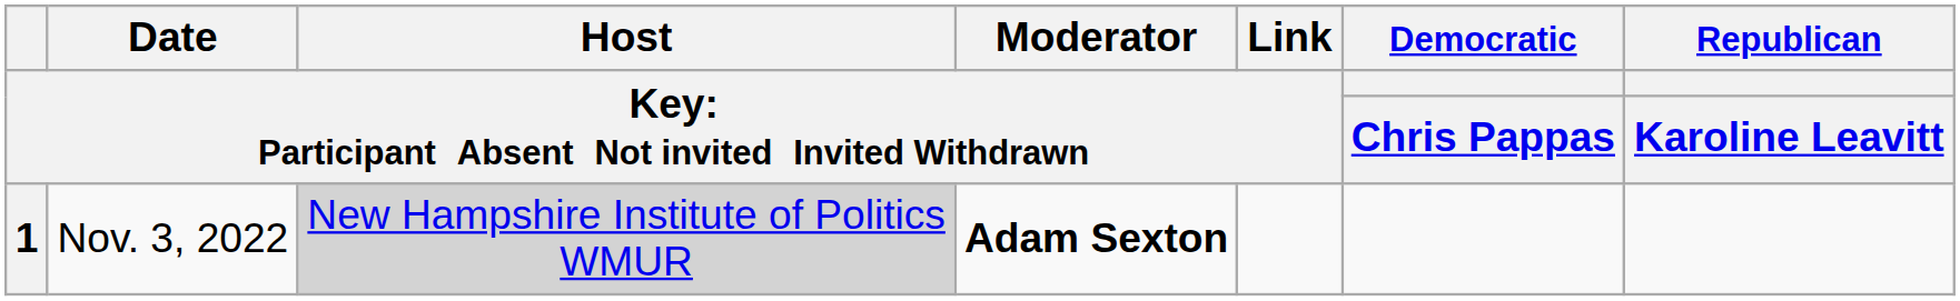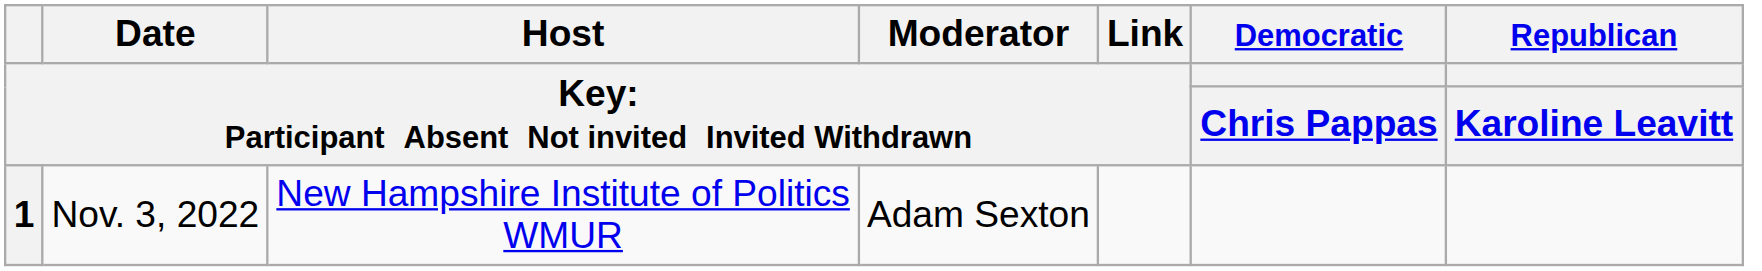 <table class="wikitable" style="text-align:center;">
 <tr>
 <th scope="col"></th>
 <th scope="col">Date</th>
 <th scope="col">Host</th>
 <th scope="col">Moderator</th>
 <th scope="col">Link</th>
 <th scope="col"><small><a href='#'>Democratic</a></small></th>
 <th scope="col"><small><a href='#'>Republican</a></small></th>
 </tr>
 <tr>
 <th colspan="5" rowspan="2">Key:<br> <small>Participant </small>  <small>Absent </small>  <small>Not invited </small>  <small>Invited  Withdrawn</small></th>
 <th scope="col" style="background:"></th>
 <th scope="col" style="background:"></th>
 </tr>
 <tr>
 <th scope="col"><a href='#'>Chris Pappas</a></th>
 <th scope="col"><a href='#'>Karoline Leavitt</a></th>
 </tr>
 <tr>
 <th>1</th>
 <td style="white-space:nowrap;">Nov. 3, 2022</td>
-<td style="background: lightgrey; white-space:nowrap;"><a href='#'>New Hampshire Institute of Politics</a><br><a href='#'>WMUR</a></td>
-<td style="white-space:nowrap;"><strong>Adam Sexton</strong></td>
+<td style="white-space:nowrap;"><a href='#'>New Hampshire Institute of Politics</a><br><a href='#'>WMUR</a></td>
+<td style="white-space:nowrap;">Adam Sexton</td>
 <td style="white-space:nowrap;"></td>
 <td></td>
 <td></td>
 </tr>
 </table>
